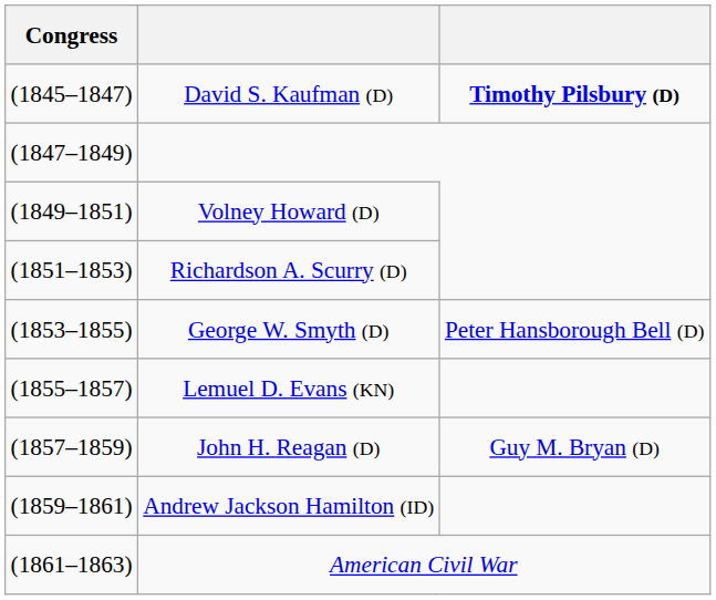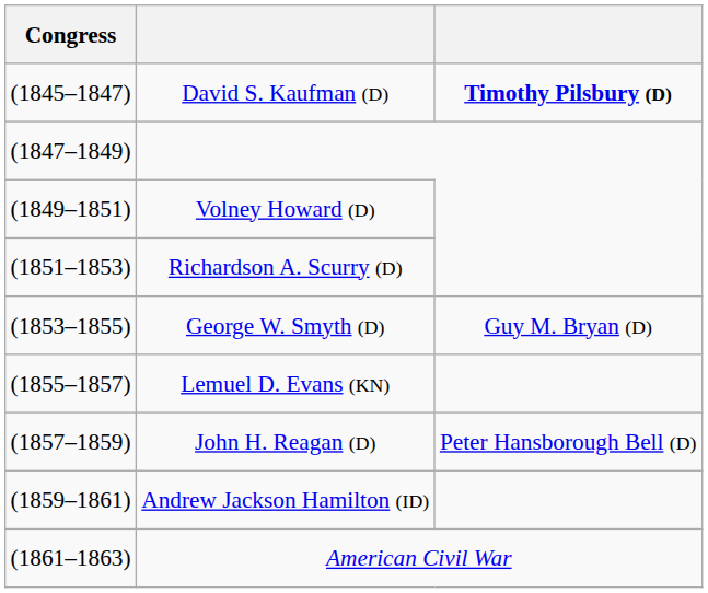 <table class=wikitable style="text-align:center">
 <tr style="height:2.5em">
 <th>Congress</th>
 <th></th>
 <th></th>
 </tr>
 <tr style="height:2.5em">
 <td><strong></strong> (1845–1847)</td>
 <td><a href='#'>David S. Kaufman</a> <small>(D)</small></td>
 <td><strong><a href='#'>Timothy Pilsbury</a> <small>(D)</small></strong></td>
 </tr>
 <tr style="height:2.5em">
 <td><strong></strong> (1847–1849)</td>
 </tr>
 <tr style="height:2.5em">
 <td><strong></strong> (1849–1851)</td>
 <td><a href='#'>Volney Howard</a> <small>(D)</small></td>
 </tr>
 <tr style="height:2.5em">
 <td><strong></strong> (1851–1853)</td>
 <td><a href='#'>Richardson A. Scurry</a> <small>(D)</small></td>
 </tr>
 <tr style="height:2.5em">
 <td><strong></strong> (1853–1855)</td>
 <td><a href='#'>George W. Smyth</a> <small>(D)</small></td>
-<td><a href='#'>Peter Hansborough Bell</a> <small>(D)</small></td>
+<td><a href='#'>Guy M. Bryan</a> <small>(D)</small></td>
 </tr>
 <tr style="height:2.5em">
 <td><strong></strong> (1855–1857)</td>
 <td><a href='#'>Lemuel D. Evans</a> <small>(KN)</small></td>
 </tr>
 <tr style="height:2.5em">
 <td><strong></strong> (1857–1859)</td>
 <td><a href='#'>John H. Reagan</a> <small>(D)</small></td>
-<td><a href='#'>Guy M. Bryan</a> <small>(D)</small></td>
+<td><a href='#'>Peter Hansborough Bell</a> <small>(D)</small></td>
 </tr>
 <tr style="height:2.5em">
 <td><strong></strong> (1859–1861)</td>
 <td><a href='#'>Andrew Jackson Hamilton</a> <small>(ID)</small></td>
 </tr>
 <tr style="height:2.5em">
 <td><strong></strong> (1861–1863)</td>
 <td colspan=2><em><a href='#'>American Civil War</a></em></td>
 </tr>
 </table>
